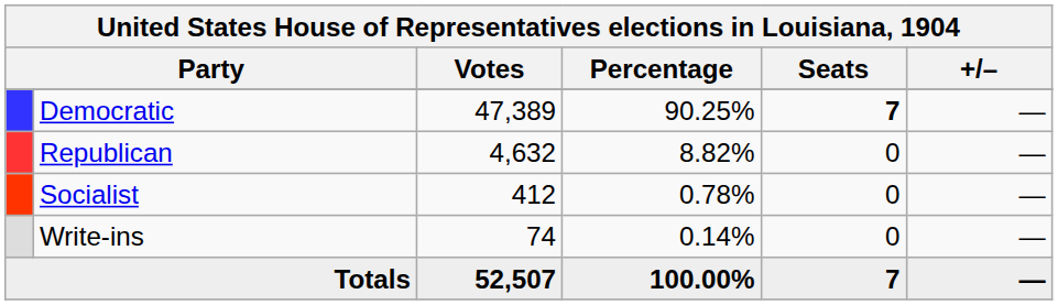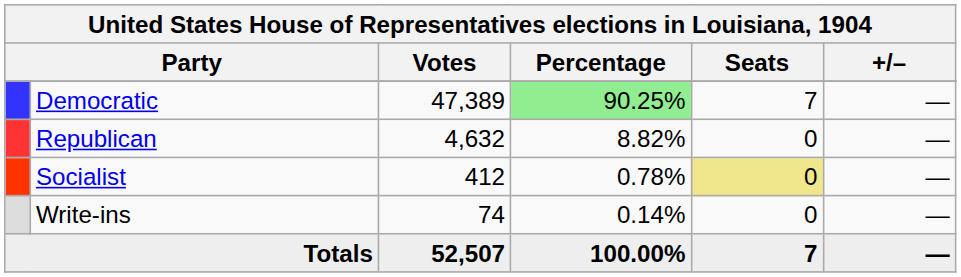 <table class="wikitable" style="font-size: 95%;">
 <tr>
 <th colspan="6">United States House of Representatives elections in Louisiana, 1904</th>
 </tr>
 <tr>
 <th colspan=2 style="width: 15em">Party</th>
 <th style="width: 5em">Votes</th>
 <th style="width: 7em">Percentage</th>
 <th style="width: 5em">Seats</th>
 <th style="width: 5em">+/–</th>
 </tr>
 <tr>
 </tr>
 <tr>
 <th style="background-color:#3333FF; width: 3px"></th>
 <td style="width: 130px"><a href='#'>Democratic</a></td>
 <td style="text-align:right;">47,389</td>
-<td style="text-align:right;">90.25%</td>
-<td style="text-align:right;"><strong>7</strong></td>
+<td style="background: lightgreen; text-align:right;">90.25%</td>
+<td style="text-align:right;">7</td>
 <td style="text-align:right;">—</td>
 </tr>
 <tr>
 <th style="background-color:#FF3333; width: 3px"></th>
 <td style="width: 130px"><a href='#'>Republican</a></td>
 <td style="text-align:right;">4,632</td>
 <td style="text-align:right;">8.82%</td>
 <td style="text-align:right;">0</td>
 <td style="text-align:right;">—</td>
 </tr>
 <tr>
 <th style="background-color:#FF3300; width: 3px"></th>
 <td style="width: 130px"><a href='#'>Socialist</a></td>
 <td style="text-align:right;">412</td>
 <td style="text-align:right;">0.78%</td>
-<td style="text-align:right;">0</td>
+<td style="background: khaki; text-align:right;">0</td>
 <td style="text-align:right;">—</td>
 </tr>
 <tr>
 <th style="background:#ddd; width:3px;"></th>
 <td style="width: 130px">Write-ins</td>
 <td style="text-align:right;">74</td>
 <td style="text-align:right;">0.14%</td>
 <td style="text-align:right;">0</td>
 <td style="text-align:right;">—</td>
 </tr>
 <tr style="background-color:#EEEEEE;">
 <td colspan="2" align="right"><strong>Totals</strong></td>
 <td style="text-align:right;"><strong>52,507</strong></td>
 <td style="text-align:right;"><strong>100.00%</strong></td>
 <td style="text-align:right;"><strong>7</strong></td>
 <td style="text-align:right;"><strong>—</strong></td>
 </tr>
 </table>
